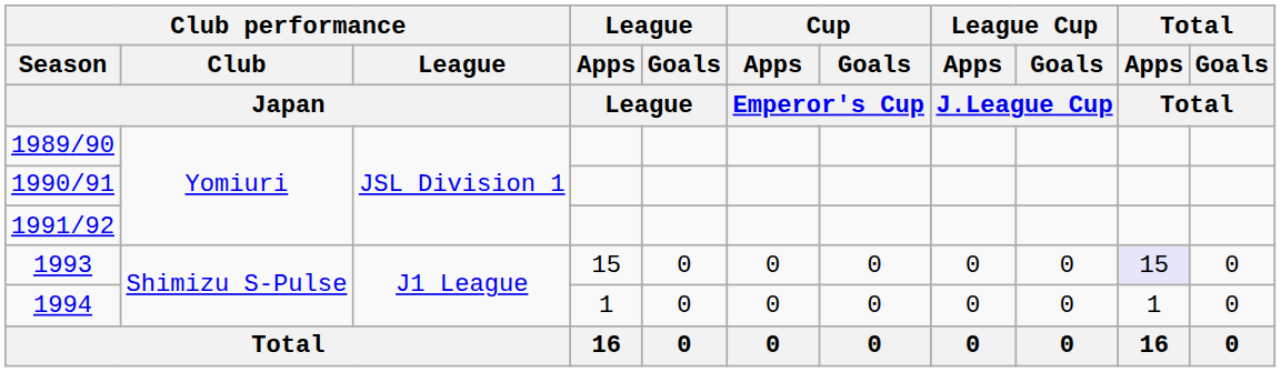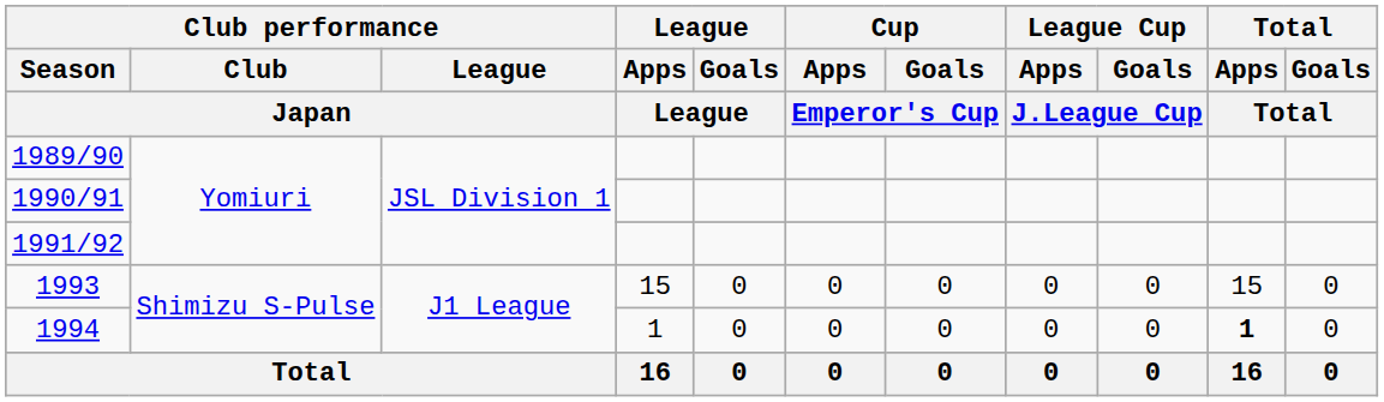 <table class="wikitable" style="text-align:center;">
 <tr>
 <th colspan=3>Club performance</th>
 <th colspan=2>League</th>
 <th colspan=2>Cup</th>
 <th colspan=2>League Cup</th>
 <th colspan=2>Total</th>
 </tr>
 <tr>
 <th>Season</th>
 <th>Club</th>
 <th>League</th>
 <th>Apps</th>
 <th>Goals</th>
 <th>Apps</th>
 <th>Goals</th>
 <th>Apps</th>
 <th>Goals</th>
 <th>Apps</th>
 <th>Goals</th>
 </tr>
 <tr>
 <th colspan=3>Japan</th>
 <th colspan=2>League</th>
 <th colspan=2><a href='#'>Emperor's Cup</a></th>
 <th colspan=2><a href='#'>J.League Cup</a></th>
 <th colspan=2>Total</th>
 </tr>
 <tr>
 <td><a href='#'>1989/90</a></td>
 <td rowspan="3"><a href='#'>Yomiuri</a></td>
 <td rowspan="3"><a href='#'>JSL Division 1</a></td>
 <td></td>
 <td></td>
 <td></td>
 <td></td>
 <td></td>
 <td></td>
 <td></td>
 <td></td>
 </tr>
 <tr>
 <td><a href='#'>1990/91</a></td>
 <td></td>
 <td></td>
 <td></td>
 <td></td>
 <td></td>
 <td></td>
 <td></td>
 <td></td>
 </tr>
 <tr>
 <td><a href='#'>1991/92</a></td>
 <td></td>
 <td></td>
 <td></td>
 <td></td>
 <td></td>
 <td></td>
 <td></td>
 <td></td>
 </tr>
 <tr>
 <td><a href='#'>1993</a></td>
 <td rowspan="2"><a href='#'>Shimizu S-Pulse</a></td>
 <td rowspan="2"><a href='#'>J1 League</a></td>
 <td>15</td>
 <td>0</td>
 <td>0</td>
 <td>0</td>
 <td>0</td>
 <td>0</td>
-<td style="background: lavender;">15</td>
+<td>15</td>
 <td>0</td>
 </tr>
 <tr>
 <td><a href='#'>1994</a></td>
 <td>1</td>
 <td>0</td>
 <td>0</td>
 <td>0</td>
 <td>0</td>
 <td>0</td>
-<td>1</td>
+<td><strong>1</strong></td>
 <td>0</td>
 </tr>
 <tr>
 <th colspan=3>Total</th>
 <th>16</th>
 <th>0</th>
 <th>0</th>
 <th>0</th>
 <th>0</th>
 <th>0</th>
 <th>16</th>
 <th>0</th>
 </tr>
 </table>
